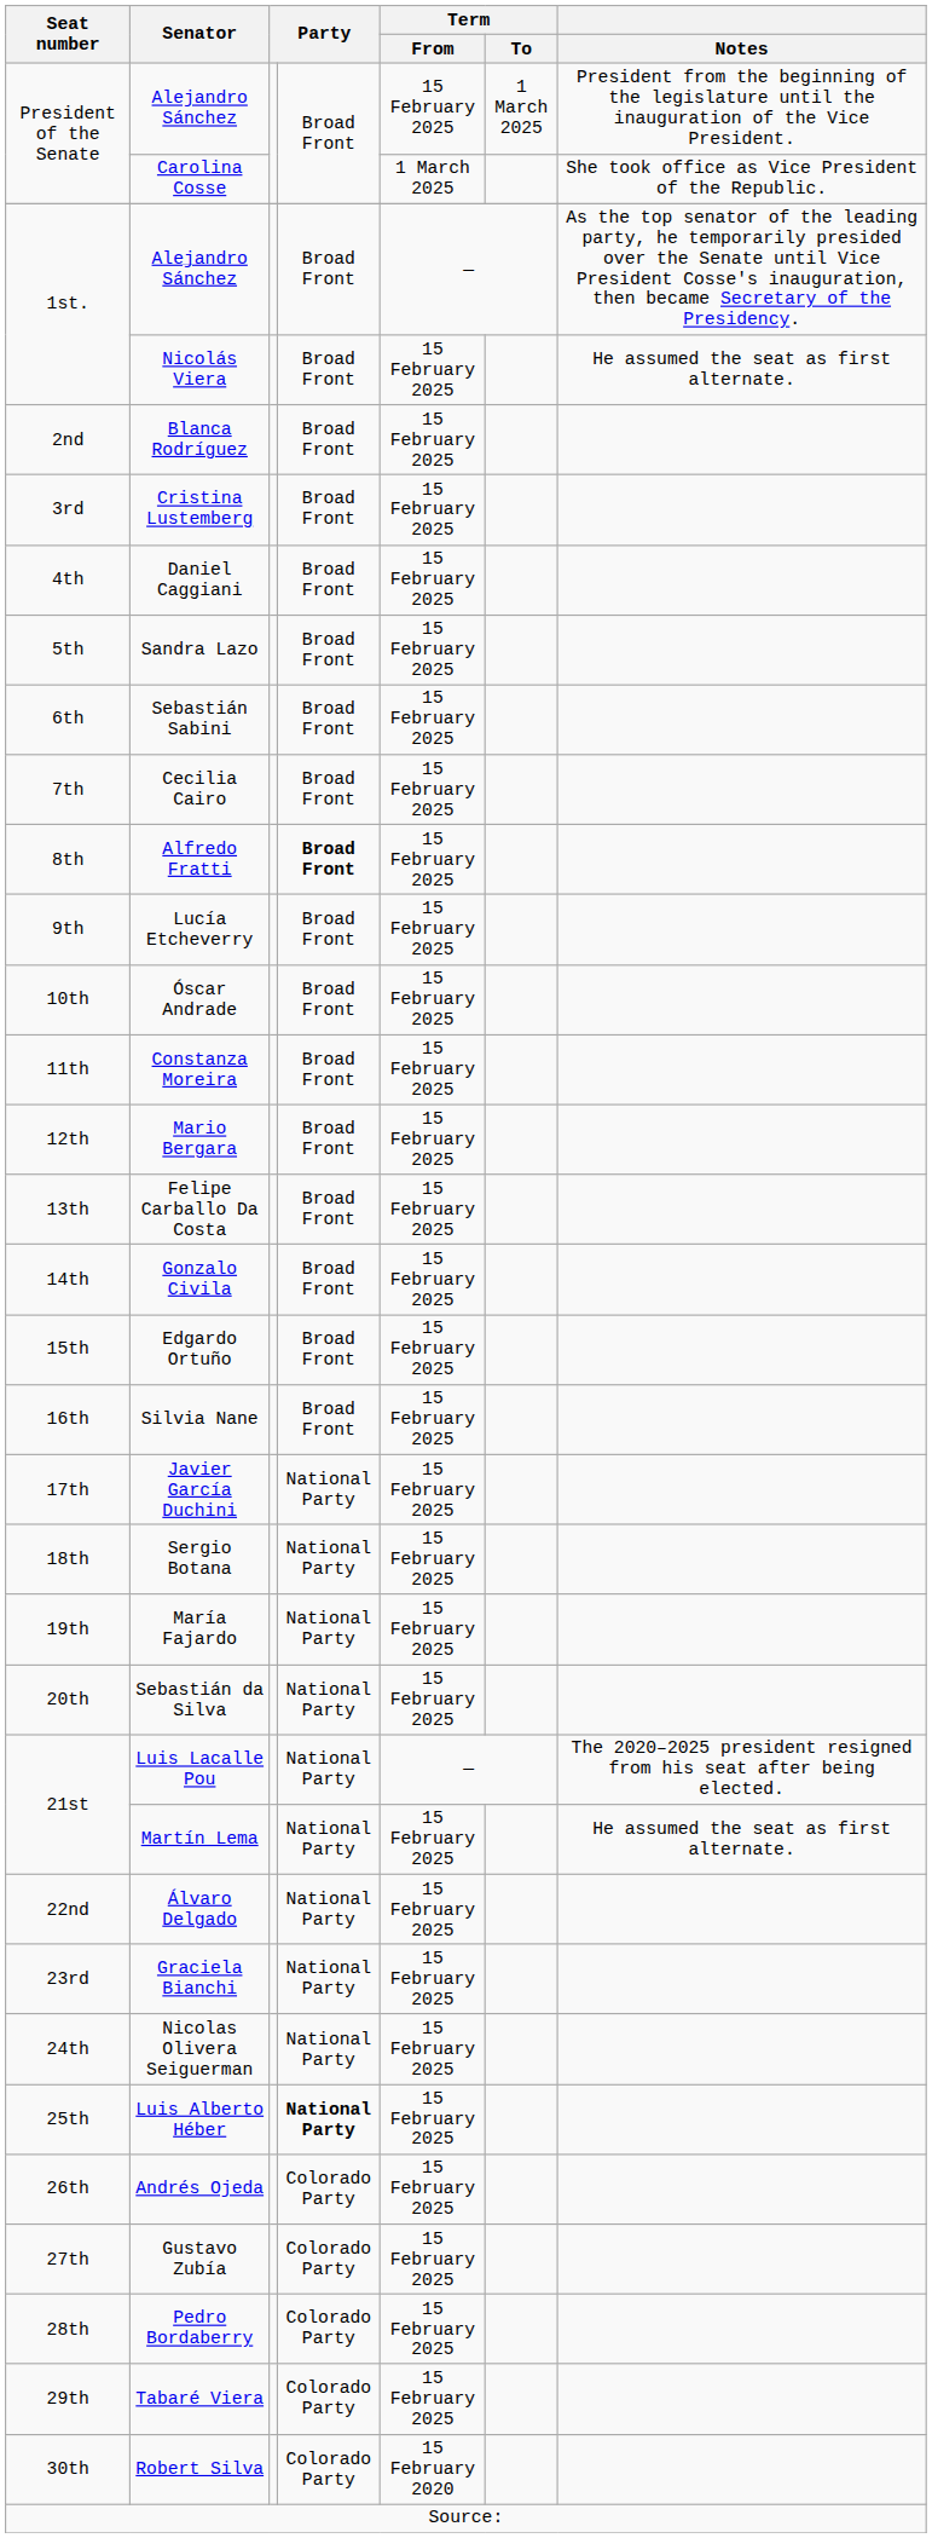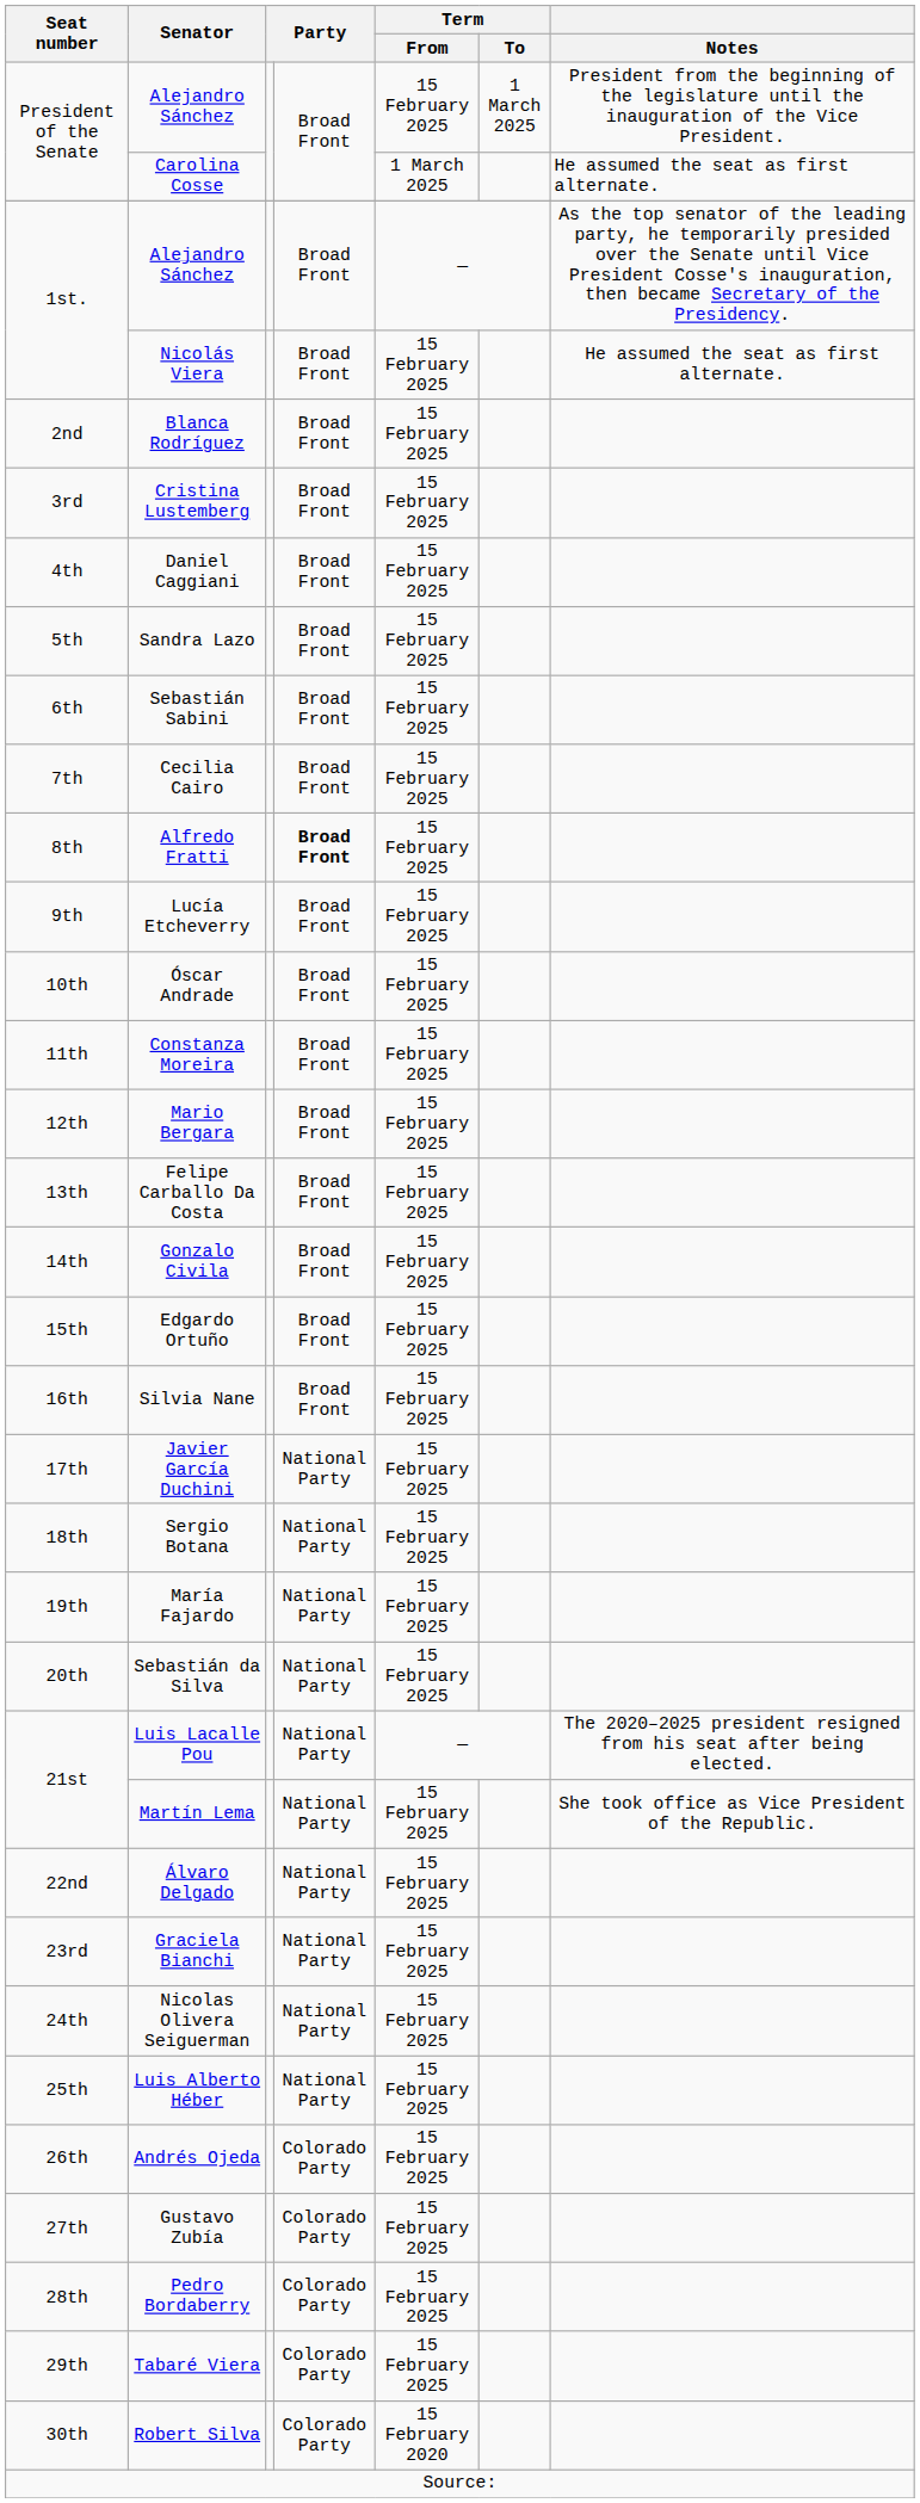 <table class="wikitable" style="width:675px;">
 <tr>
 <th rowspan="2">Seat number</th>
 <th rowspan="2">Senator</th>
 <th colspan="2" rowspan="2">Party</th>
 <th colspan="2">Term</th>
 <th></th>
 </tr>
 <tr>
 <th>From</th>
 <th>To</th>
 <th>Notes</th>
 </tr>
 <tr style="text-align:center;">
 <td rowspan="2">President of the Senate</td>
 <td style="text-align:center;"><a href='#'>Alejandro Sánchez</a></td>
 <td rowspan="2" style="background-color:"></td>
 <td rowspan="2" style="text-align:center;">Broad Front</td>
 <td style="text-align:center;">15 February 2025</td>
 <td style="text-align:center;">1 March 2025</td>
 <td>President from the beginning of the legislature until the inauguration of the Vice President.</td>
 </tr>
 <tr>
 <td style="text-align:center;"><a href='#'>Carolina Cosse</a></td>
 <td style="text-align:center;">1 March 2025</td>
 <td></td>
-<td style="text-align:center;">She took office as Vice President of the Republic.</td>
+<td>He assumed the seat as first alternate.</td>
 </tr>
 <tr>
 </tr>
 <tr style="text-align:center;">
 <td rowspan="2">1st.</td>
 <td style="text-align:center;"><a href='#'>Alejandro Sánchez</a></td>
 <td style="background-color:"></td>
 <td style="text-align:center;">Broad Front</td>
 <td colspan="2" style="text-align:center;">—</td>
 <td style="text-align:center;">As the top senator of the leading party, he temporarily presided over the Senate until Vice President Cosse's inauguration, then became <a href='#'>Secretary of the Presidency</a>.</td>
 </tr>
 <tr style="text-align:center;">
 <td style="text-align:center;"><a href='#'>Nicolás Viera</a></td>
 <td style="background-color:"></td>
 <td style="text-align:center;">Broad Front</td>
 <td style="text-align:center;">15 February 2025</td>
 <td style="text-align:center;"></td>
 <td>He assumed the seat as first alternate.</td>
 </tr>
 <tr style="text-align:center;">
 <td>2nd</td>
 <td style="text-align:center;"><a href='#'>Blanca Rodríguez</a></td>
 <td style="background-color:"></td>
 <td style="text-align:center;">Broad Front</td>
 <td style="text-align:center;">15 February 2025</td>
 <td style="text-align:center;"></td>
 <td style="text-align:center;"></td>
 </tr>
 <tr style="text-align:center;">
 <td>3rd</td>
 <td style="text-align:center;"><a href='#'>Cristina Lustemberg</a></td>
 <td style="background-color:"></td>
 <td style="text-align:center;">Broad Front</td>
 <td style="text-align:center;">15 February 2025</td>
 <td style="text-align:center;"></td>
 <td style="text-align:center;"></td>
 </tr>
 <tr style="text-align:center;">
 <td>4th</td>
 <td style="text-align:center;">Daniel Caggiani</td>
 <td style="background-color:"></td>
 <td style="text-align:center;">Broad Front</td>
 <td style="text-align:center;">15 February 2025</td>
 <td style="text-align:center;"></td>
 <td></td>
 </tr>
 <tr style="text-align:center;">
 <td>5th</td>
 <td style="text-align:center;">Sandra Lazo</td>
 <td style="background-color:"></td>
 <td style="text-align:center;">Broad Front</td>
 <td style="text-align:center;">15 February 2025</td>
 <td style="text-align:center;"></td>
 <td style="text-align:center;"></td>
 </tr>
 <tr style="text-align:center;">
 <td>6th</td>
 <td style="text-align:center;">Sebastián Sabini</td>
 <td style="background-color:"></td>
 <td style="text-align:center;">Broad Front</td>
 <td style="text-align:center;">15 February 2025</td>
 <td style="text-align:center;"></td>
 <td style="text-align:center;"></td>
 </tr>
 <tr style="text-align:center;">
 <td>7th</td>
 <td style="text-align:center;">Cecilia Cairo</td>
 <td style="background-color:"></td>
 <td style="text-align:center;">Broad Front</td>
 <td style="text-align:center;">15 February 2025</td>
 <td style="text-align:center;"></td>
 <td style="text-align:center;"></td>
 </tr>
 <tr style="text-align:center;">
 <td>8th</td>
 <td style="text-align:center;"><a href='#'>Alfredo Fratti</a></td>
 <td style="background-color:"></td>
 <td style="text-align:center;"><strong>Broad Front</strong></td>
 <td style="text-align:center;">15 February 2025</td>
 <td style="text-align:center;"></td>
 <td style="text-align:center;"></td>
 </tr>
 <tr style="text-align:center;">
 <td>9th</td>
 <td style="text-align:center;">Lucía Etcheverry</td>
 <td style="background-color:"></td>
 <td style="text-align:center;">Broad Front</td>
 <td style="text-align:center;">15 February 2025</td>
 <td style="text-align:center;"></td>
 <td></td>
 </tr>
 <tr style="text-align:center;">
 <td>10th</td>
 <td style="text-align:center;">Óscar Andrade</td>
 <td style="background-color:"></td>
 <td style="text-align:center;">Broad Front</td>
 <td style="text-align:center;">15 February 2025</td>
 <td style="text-align:center;"></td>
 <td style="text-align:center;"></td>
 </tr>
 <tr style="text-align:center;">
 <td>11th</td>
 <td style="text-align:center;"><a href='#'>Constanza Moreira</a></td>
 <td style="background-color:"></td>
 <td style="text-align:center;">Broad Front</td>
 <td style="text-align:center;">15 February 2025</td>
 <td style="text-align:center;"></td>
 <td></td>
 </tr>
 <tr style="text-align:center;">
 <td>12th</td>
 <td style="text-align:center;"><a href='#'>Mario Bergara</a></td>
 <td style="background-color:"></td>
 <td style="text-align:center;">Broad Front</td>
 <td style="text-align:center;">15 February 2025</td>
 <td style="text-align:center;"></td>
 <td style="text-align:center;"></td>
 </tr>
 <tr style="text-align:center;">
 <td>13th</td>
 <td style="text-align:center;">Felipe Carballo Da Costa</td>
 <td style="background-color:"></td>
 <td style="text-align:center;">Broad Front</td>
 <td style="text-align:center;">15 February 2025</td>
 <td style="text-align:center;"></td>
 <td style="text-align:center;"></td>
 </tr>
 <tr style="text-align:center;">
 <td>14th</td>
 <td style="text-align:center;"><a href='#'>Gonzalo Civila</a></td>
 <td style="background-color:"></td>
 <td style="text-align:center;">Broad Front</td>
 <td style="text-align:center;">15 February 2025</td>
 <td style="text-align:center;"></td>
 <td style="text-align:center;"></td>
 </tr>
 <tr style="text-align:center;">
 <td>15th</td>
 <td style="text-align:center;">Edgardo Ortuño</td>
 <td style="background-color:"></td>
 <td style="text-align:center;">Broad Front</td>
 <td style="text-align:center;">15 February 2025</td>
 <td style="text-align:center;"></td>
 <td style="text-align:center;"></td>
 </tr>
 <tr style="text-align:center;">
 <td>16th</td>
 <td style="text-align:center;">Silvia Nane</td>
 <td style="background-color:"></td>
 <td style="text-align:center;">Broad Front</td>
 <td style="text-align:center;">15 February 2025</td>
 <td style="text-align:center;"></td>
 <td style="text-align:center;"></td>
 </tr>
 <tr style="text-align:center;">
 <td>17th</td>
 <td style="text-align:center;"><a href='#'>Javier García Duchini</a></td>
 <td style="background-color:"></td>
 <td style="text-align:center;">National Party</td>
 <td style="text-align:center;">15 February 2025</td>
 <td style="text-align:center;"></td>
 <td style="text-align:center;"></td>
 </tr>
 <tr style="text-align:center;">
 <td>18th</td>
 <td style="text-align:center;">Sergio Botana</td>
 <td style="background-color:"></td>
 <td style="text-align:center;">National Party</td>
 <td style="text-align:center;">15 February 2025</td>
 <td style="text-align:center;"></td>
 <td></td>
 </tr>
 <tr style="text-align:center;">
 <td>19th</td>
 <td style="text-align:center;">María Fajardo</td>
 <td style="background-color:"></td>
 <td style="text-align:center;">National Party</td>
 <td style="text-align:center;">15 February 2025</td>
 <td style="text-align:center;"></td>
 <td></td>
 </tr>
 <tr style="text-align:center;">
 <td>20th</td>
 <td style="text-align:center;">Sebastián da Silva</td>
 <td style="background-color:"></td>
 <td style="text-align:center;">National Party</td>
 <td style="text-align:center;">15 February 2025</td>
 <td style="text-align:center;"></td>
 <td style="text-align:center;"></td>
 </tr>
 <tr style="text-align:center;">
 <td rowspan="2">21st</td>
 <td style="text-align:center;"><a href='#'>Luis Lacalle Pou</a></td>
 <td style="background-color:"></td>
 <td style="text-align:center;">National Party</td>
 <td colspan="2" style="text-align:center;">—</td>
 <td style="text-align:center;">The 2020–2025 president resigned from his seat after being elected.</td>
 </tr>
 <tr style="text-align:center;">
 <td style="text-align:center;"><a href='#'>Martín Lema</a></td>
 <td style="background-color:"></td>
 <td style="text-align:center;">National Party</td>
 <td style="text-align:center;">15 February 2025</td>
 <td style="text-align:center;"></td>
-<td>He assumed the seat as first alternate.</td>
+<td style="text-align:center;">She took office as Vice President of the Republic.</td>
 </tr>
 <tr style="text-align:center;">
 <td>22nd</td>
 <td style="text-align:center;"><a href='#'>Álvaro Delgado</a></td>
 <td style="background-color:"></td>
 <td style="text-align:center;">National Party</td>
 <td style="text-align:center;">15 February 2025</td>
 <td style="text-align:center;"></td>
 <td style="text-align:center;"></td>
 </tr>
 <tr style="text-align:center;">
 <td>23rd</td>
 <td style="text-align:center;"><a href='#'>Graciela Bianchi</a></td>
 <td style="background-color:"></td>
 <td style="text-align:center;">National Party</td>
 <td style="text-align:center;">15 February 2025</td>
 <td style="text-align:center;"></td>
 <td></td>
 </tr>
 <tr style="text-align:center;">
 <td>24th</td>
 <td style="text-align:center;">Nicolas Olivera Seiguerman</td>
 <td style="background-color:"></td>
 <td style="text-align:center;">National Party</td>
 <td style="text-align:center;">15 February 2025</td>
 <td style="text-align:center;"></td>
 <td></td>
 </tr>
 <tr style="text-align:center;">
 <td>25th</td>
 <td style="text-align:center;"><a href='#'>Luis Alberto Héber</a></td>
 <td style="background-color:"></td>
-<td style="text-align:center;"><strong>National Party</strong></td>
+<td style="text-align:center;">National Party</td>
 <td style="text-align:center;">15 February 2025</td>
 <td style="text-align:center;"></td>
 <td></td>
 </tr>
 <tr style="text-align:center;">
 <td>26th</td>
 <td style="text-align:center;"><a href='#'>Andrés Ojeda</a></td>
 <td style="background-color:"></td>
 <td style="text-align:center;">Colorado Party</td>
 <td style="text-align:center;">15 February 2025</td>
 <td style="text-align:center;"></td>
 <td style="text-align:center;"></td>
 </tr>
 <tr style="text-align:center;">
 <td>27th</td>
 <td style="text-align:center;">Gustavo Zubía</td>
 <td style="background-color:"></td>
 <td style="text-align:center;">Colorado Party</td>
 <td style="text-align:center;">15 February 2025</td>
 <td style="text-align:center;"></td>
 <td style="text-align:center;"></td>
 </tr>
 <tr style="text-align:center;">
 <td>28th</td>
 <td style="text-align:center;"><a href='#'>Pedro Bordaberry</a></td>
 <td style="background-color:"></td>
 <td style="text-align:center;">Colorado Party</td>
 <td style="text-align:center;">15 February 2025</td>
 <td style="text-align:center;"></td>
 <td style="text-align:center;"></td>
 </tr>
 <tr style="text-align:center;">
 <td>29th</td>
 <td style="text-align:center;"><a href='#'>Tabaré Viera</a></td>
 <td style="background-color:"></td>
 <td style="text-align:center;">Colorado Party</td>
 <td style="text-align:center;">15 February 2025</td>
 <td style="text-align:center;"></td>
 <td style="text-align:center;"></td>
 </tr>
 <tr style="text-align:center;">
 <td>30th</td>
 <td style="text-align:center;"><a href='#'>Robert Silva</a></td>
 <td style="background-color:"></td>
 <td style="text-align:center;">Colorado Party</td>
 <td style="text-align:center;">15 February 2020</td>
 <td style="text-align:center;"></td>
 <td></td>
 </tr>
 <tr style="text-align:center;">
 <td colspan="7">Source: </td>
 </tr>
 </table>
